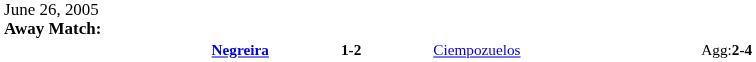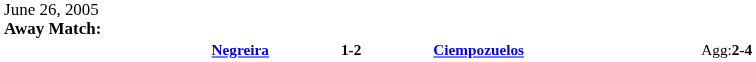 <table width=100% cellspacing=1>
 <tr>
 <th width=20%></th>
 <th width=12%></th>
 <th width=20%></th>
 <th></th>
 </tr>
 <tr>
 <td>June 26, 2005<br><strong>Away Match:</strong></td>
 </tr>
 <tr style=font-size:90%>
 <td align=right><strong><a href='#'>Negreira</a></strong></td>
 <td align=center><strong>1-2</strong></td>
-<td><a href='#'>Ciempozuelos</a></td>
+<td><strong><a href='#'>Ciempozuelos</a></strong></td>
 <td>Agg:<strong>2-4</strong></td>
 </tr>
 </table>
